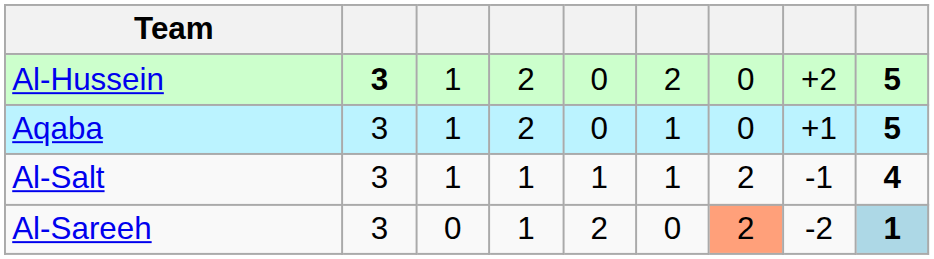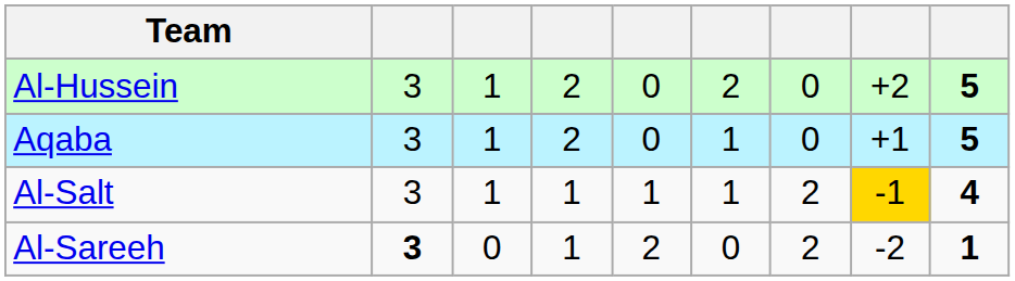 <table class="wikitable" style="text-align: center;">
 <tr>
 <th width="165">Team</th>
 <th width="30"></th>
 <th width="30"></th>
 <th width="30"></th>
 <th width="30"></th>
 <th width="30"></th>
 <th width="30"></th>
 <th width="30"></th>
 <th width="30"></th>
 </tr>
 <tr bgcolor="#ccffcc">
 <td align="left"><a href='#'>Al-Hussein</a></td>
-<td><strong>3</strong></td>
+<td>3</td>
 <td>1</td>
 <td>2</td>
 <td>0</td>
 <td>2</td>
 <td>0</td>
 <td>+2</td>
 <td><strong>5</strong></td>
 </tr>
 <tr bgcolor="#bbf3ff">
 <td align="left"><a href='#'>Aqaba</a></td>
 <td>3</td>
 <td>1</td>
 <td>2</td>
 <td>0</td>
 <td>1</td>
 <td>0</td>
 <td>+1</td>
 <td><strong>5</strong></td>
 </tr>
 <tr>
 <td align="left"><a href='#'>Al-Salt</a></td>
 <td>3</td>
 <td>1</td>
 <td>1</td>
 <td>1</td>
 <td>1</td>
 <td>2</td>
-<td>-1</td>
+<td style="background: gold;">-1</td>
 <td><strong>4</strong></td>
 </tr>
 <tr>
 <td align="left"><a href='#'>Al-Sareeh</a></td>
-<td>3</td>
+<td><strong>3</strong></td>
 <td>0</td>
 <td>1</td>
 <td>2</td>
 <td>0</td>
-<td style="background: lightsalmon;">2</td>
+<td>2</td>
 <td>-2</td>
-<td style="background: lightblue;"><strong>1</strong></td>
+<td><strong>1</strong></td>
 </tr>
 </table>
